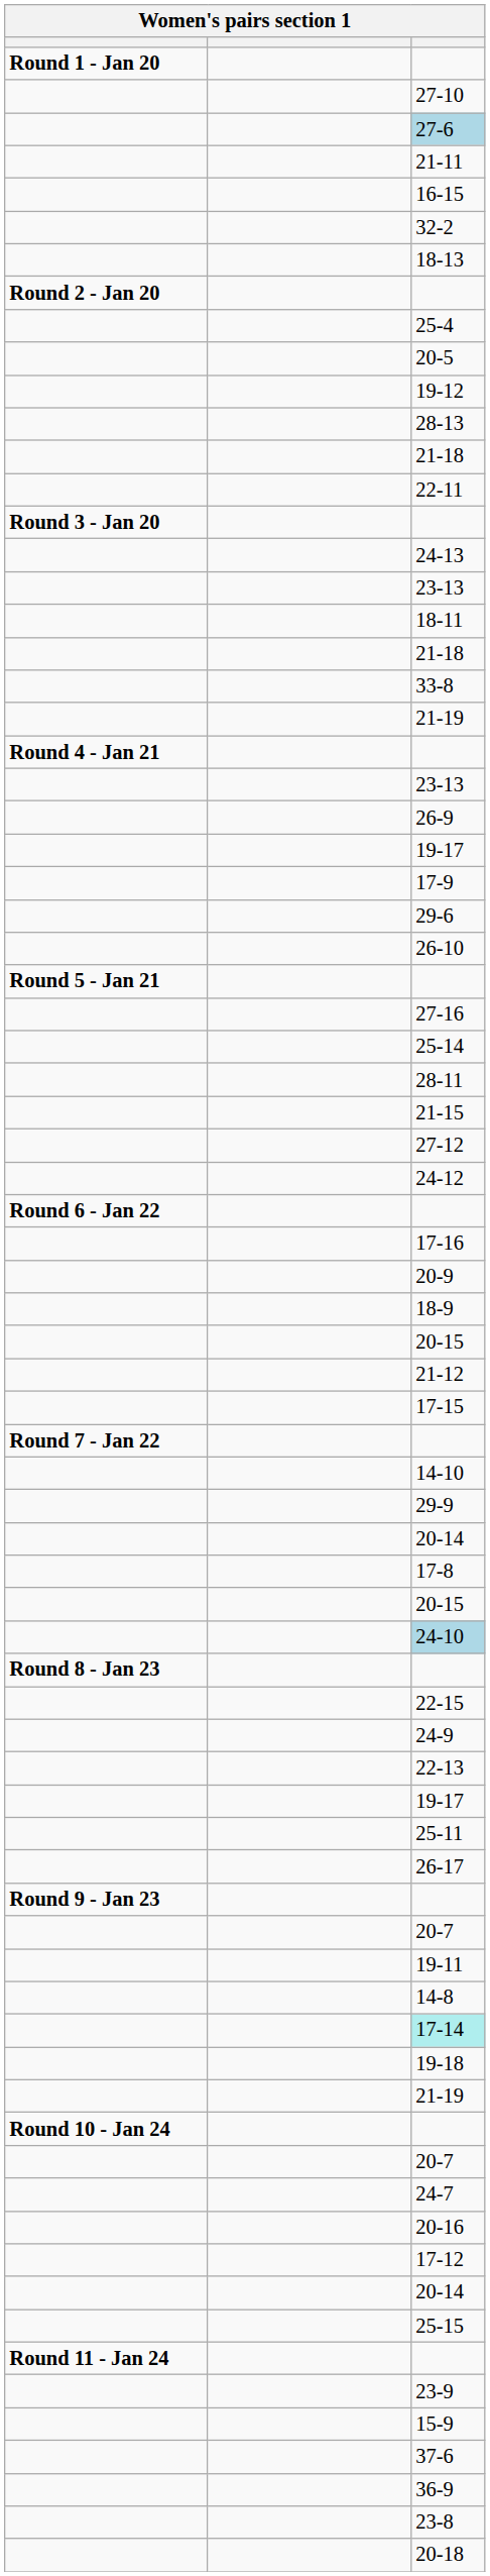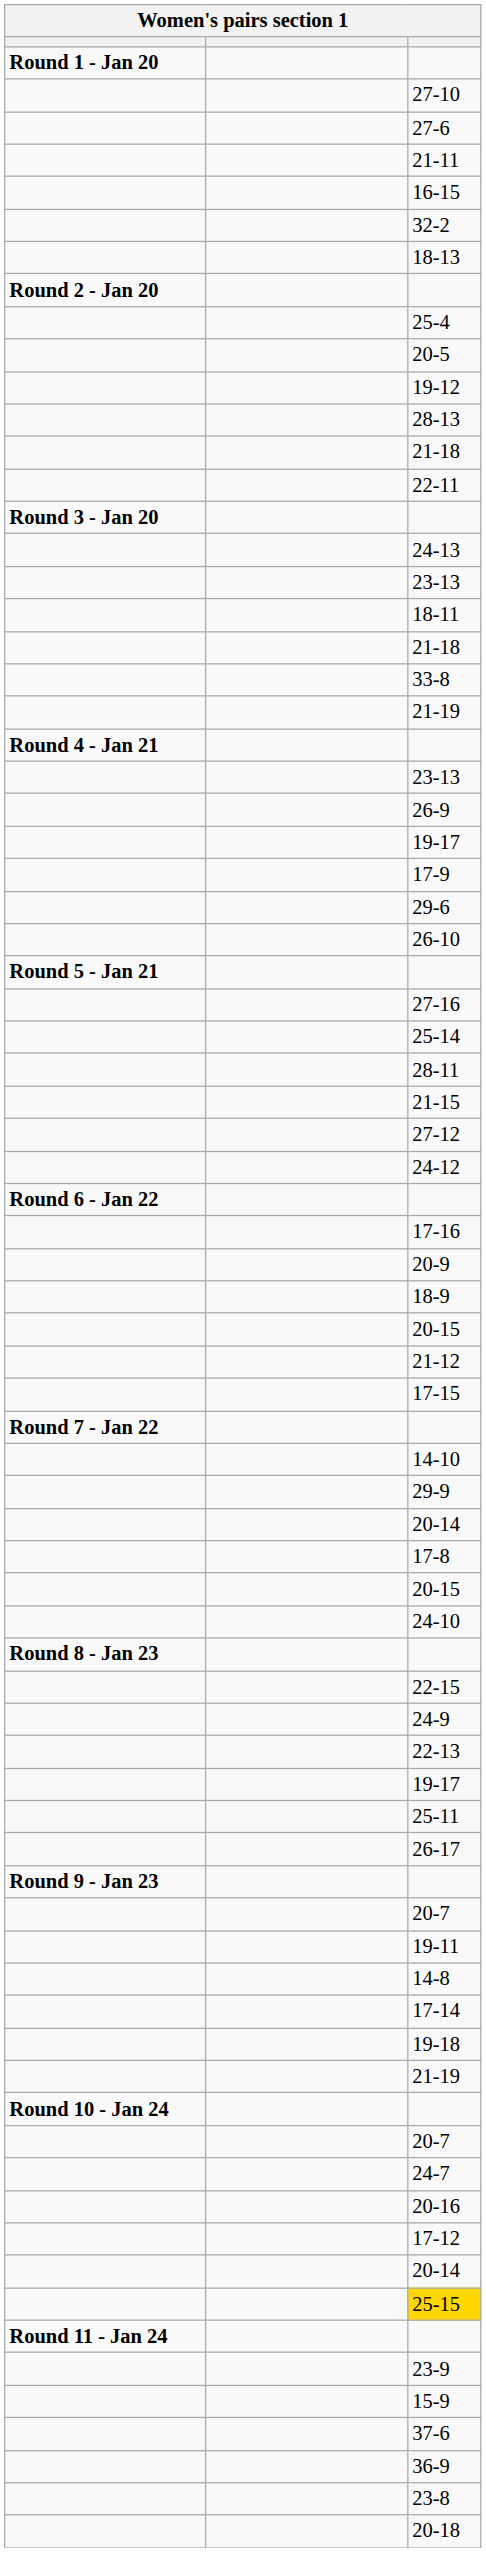 <table class="wikitable">
 <tr>
 <th colspan="3">Women's pairs section 1</th>
 </tr>
 <tr>
 <th width=150></th>
 <th width=150></th>
 <th width=50></th>
 </tr>
 <tr>
 <td><strong>Round 1 - Jan 20</strong></td>
 <td></td>
 <td></td>
 </tr>
 <tr>
 <td></td>
 <td></td>
 <td>27-10</td>
 </tr>
 <tr>
 <td></td>
 <td></td>
-<td style="background: lightblue;">27-6</td>
+<td>27-6</td>
 </tr>
 <tr>
 <td></td>
 <td></td>
 <td>21-11</td>
 </tr>
 <tr>
 <td></td>
 <td></td>
 <td>16-15</td>
 </tr>
 <tr>
 <td></td>
 <td></td>
 <td>32-2</td>
 </tr>
 <tr>
 <td></td>
 <td></td>
 <td>18-13</td>
 </tr>
 <tr>
 <td><strong>Round 2 - Jan 20</strong></td>
 <td></td>
 <td></td>
 </tr>
 <tr>
 <td></td>
 <td></td>
 <td>25-4</td>
 </tr>
 <tr>
 <td></td>
 <td></td>
 <td>20-5</td>
 </tr>
 <tr>
 <td></td>
 <td></td>
 <td>19-12</td>
 </tr>
 <tr>
 <td></td>
 <td></td>
 <td>28-13</td>
 </tr>
 <tr>
 <td></td>
 <td></td>
 <td>21-18</td>
 </tr>
 <tr>
 <td></td>
 <td></td>
 <td>22-11</td>
 </tr>
 <tr>
 <td><strong>Round 3 - Jan 20</strong></td>
 <td></td>
 <td></td>
 </tr>
 <tr>
 <td></td>
 <td></td>
 <td>24-13</td>
 </tr>
 <tr>
 <td></td>
 <td></td>
 <td>23-13</td>
 </tr>
 <tr>
 <td></td>
 <td></td>
 <td>18-11</td>
 </tr>
 <tr>
 <td></td>
 <td></td>
 <td>21-18</td>
 </tr>
 <tr>
 <td></td>
 <td></td>
 <td>33-8</td>
 </tr>
 <tr>
 <td></td>
 <td></td>
 <td>21-19</td>
 </tr>
 <tr>
 <td><strong>Round 4 - Jan 21</strong></td>
 <td></td>
 <td></td>
 </tr>
 <tr>
 <td></td>
 <td></td>
 <td>23-13</td>
 </tr>
 <tr>
 <td></td>
 <td></td>
 <td>26-9</td>
 </tr>
 <tr>
 <td></td>
 <td></td>
 <td>19-17</td>
 </tr>
 <tr>
 <td></td>
 <td></td>
 <td>17-9</td>
 </tr>
 <tr>
 <td></td>
 <td></td>
 <td>29-6</td>
 </tr>
 <tr>
 <td></td>
 <td></td>
 <td>26-10</td>
 </tr>
 <tr>
 <td><strong>Round 5 - Jan 21</strong></td>
 <td></td>
 <td></td>
 </tr>
 <tr>
 <td></td>
 <td></td>
 <td>27-16</td>
 </tr>
 <tr>
 <td></td>
 <td></td>
 <td>25-14</td>
 </tr>
 <tr>
 <td></td>
 <td></td>
 <td>28-11</td>
 </tr>
 <tr>
 <td></td>
 <td></td>
 <td>21-15</td>
 </tr>
 <tr>
 <td></td>
 <td></td>
 <td>27-12</td>
 </tr>
 <tr>
 <td></td>
 <td></td>
 <td>24-12</td>
 </tr>
 <tr>
 <td><strong>Round 6  - Jan 22</strong></td>
 <td></td>
 <td></td>
 </tr>
 <tr>
 <td></td>
 <td></td>
 <td>17-16</td>
 </tr>
 <tr>
 <td></td>
 <td></td>
 <td>20-9</td>
 </tr>
 <tr>
 <td></td>
 <td></td>
 <td>18-9</td>
 </tr>
 <tr>
 <td></td>
 <td></td>
 <td>20-15</td>
 </tr>
 <tr>
 <td></td>
 <td></td>
 <td>21-12</td>
 </tr>
 <tr>
 <td></td>
 <td></td>
 <td>17-15</td>
 </tr>
 <tr>
 <td><strong>Round 7 - Jan 22</strong></td>
 <td></td>
 <td></td>
 </tr>
 <tr>
 <td></td>
 <td></td>
 <td>14-10</td>
 </tr>
 <tr>
 <td></td>
 <td></td>
 <td>29-9</td>
 </tr>
 <tr>
 <td></td>
 <td></td>
 <td>20-14</td>
 </tr>
 <tr>
 <td></td>
 <td></td>
 <td>17-8</td>
 </tr>
 <tr>
 <td></td>
 <td></td>
 <td>20-15</td>
 </tr>
 <tr>
 <td></td>
 <td></td>
-<td style="background: lightblue;">24-10</td>
+<td>24-10</td>
 </tr>
 <tr>
 <td><strong>Round 8 - Jan 23</strong></td>
 <td></td>
 <td></td>
 </tr>
 <tr>
 <td></td>
 <td></td>
 <td>22-15</td>
 </tr>
 <tr>
 <td></td>
 <td></td>
 <td>24-9</td>
 </tr>
 <tr>
 <td></td>
 <td></td>
 <td>22-13</td>
 </tr>
 <tr>
 <td></td>
 <td></td>
 <td>19-17</td>
 </tr>
 <tr>
 <td></td>
 <td></td>
 <td>25-11</td>
 </tr>
 <tr>
 <td></td>
 <td></td>
 <td>26-17</td>
 </tr>
 <tr>
 <td><strong>Round 9 - Jan 23</strong></td>
 <td></td>
 <td></td>
 </tr>
 <tr>
 <td></td>
 <td></td>
 <td>20-7</td>
 </tr>
 <tr>
 <td></td>
 <td></td>
 <td>19-11</td>
 </tr>
 <tr>
 <td></td>
 <td></td>
 <td>14-8</td>
 </tr>
 <tr>
 <td></td>
 <td></td>
-<td style="background: paleturquoise;">17-14</td>
+<td>17-14</td>
 </tr>
 <tr>
 <td></td>
 <td></td>
 <td>19-18</td>
 </tr>
 <tr>
 <td></td>
 <td></td>
 <td>21-19</td>
 </tr>
 <tr>
 <td><strong>Round 10 - Jan 24</strong></td>
 <td></td>
 <td></td>
 </tr>
 <tr>
 <td></td>
 <td></td>
 <td>20-7</td>
 </tr>
 <tr>
 <td></td>
 <td></td>
 <td>24-7</td>
 </tr>
 <tr>
 <td></td>
 <td></td>
 <td>20-16</td>
 </tr>
 <tr>
 <td></td>
 <td></td>
 <td>17-12</td>
 </tr>
 <tr>
 <td></td>
 <td></td>
 <td>20-14</td>
 </tr>
 <tr>
 <td></td>
 <td></td>
-<td>25-15</td>
+<td style="background: gold;">25-15</td>
 </tr>
 <tr>
 <td><strong>Round 11 - Jan 24</strong></td>
 <td></td>
 <td></td>
 </tr>
 <tr>
 <td></td>
 <td></td>
 <td>23-9</td>
 </tr>
 <tr>
 <td></td>
 <td></td>
 <td>15-9</td>
 </tr>
 <tr>
 <td></td>
 <td></td>
 <td>37-6</td>
 </tr>
 <tr>
 <td></td>
 <td></td>
 <td>36-9</td>
 </tr>
 <tr>
 <td></td>
 <td></td>
 <td>23-8</td>
 </tr>
 <tr>
 <td></td>
 <td></td>
 <td>20-18</td>
 </tr>
 </table>
